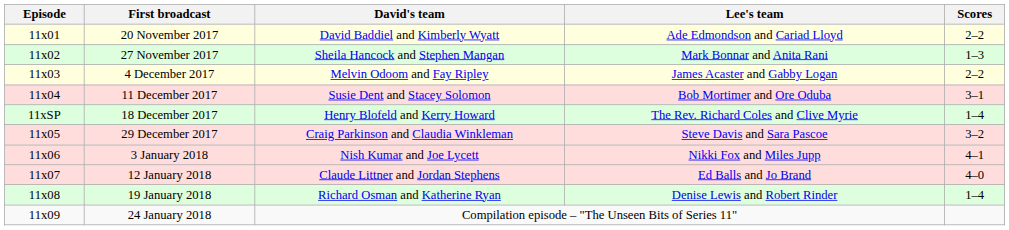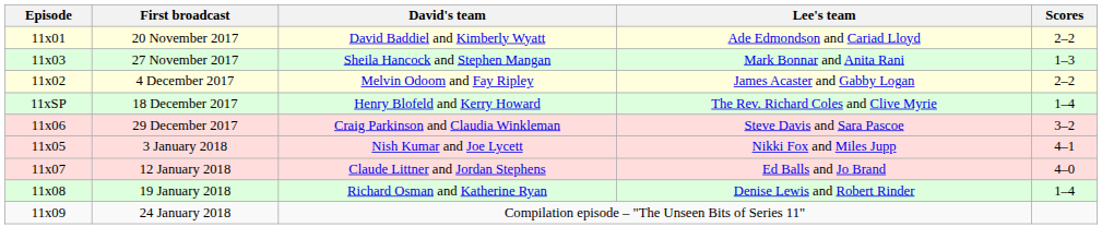 <table class="wikitable"  style="width:80%; left:0 auto; text-align:center;">
 <tr>
 <th style="width:8%;">Episode</th>
 <th style="width:17%;">First broadcast</th>
 <th style="width:31%;">David's team</th>
 <th style="width:38%;">Lee's team</th>
 <th style="width:6%;">Scores</th>
 </tr>
 <tr style="background:#ffd;">
 <td>11x01</td>
 <td>20 November 2017</td>
 <td><a href='#'>David Baddiel</a> and <a href='#'>Kimberly Wyatt</a></td>
 <td><a href='#'>Ade Edmondson</a> and <a href='#'>Cariad Lloyd</a></td>
 <td>2–2</td>
 </tr>
 <tr style="background:#dfd;">
-<td>11x02</td>
+<td>11x03</td>
 <td>27 November 2017</td>
 <td><a href='#'>Sheila Hancock</a> and <a href='#'>Stephen Mangan</a></td>
 <td><a href='#'>Mark Bonnar</a> and <a href='#'>Anita Rani</a></td>
 <td>1–3</td>
 </tr>
 <tr style="background:#ffd;">
-<td>11x03</td>
+<td>11x02</td>
 <td>4 December 2017</td>
 <td><a href='#'>Melvin Odoom</a> and <a href='#'>Fay Ripley</a></td>
 <td><a href='#'>James Acaster</a> and <a href='#'>Gabby Logan</a></td>
 <td>2–2</td>
-</tr>
-<tr style="background:#fdd;">
-<td>11x04</td>
-<td>11 December 2017</td>
-<td><a href='#'>Susie Dent</a> and <a href='#'>Stacey Solomon</a></td>
-<td><a href='#'>Bob Mortimer</a> and <a href='#'>Ore Oduba</a></td>
-<td>3–1</td>
 </tr>
 <tr style="background:#dfd;">
 <td>11xSP</td>
 <td>18 December 2017</td>
 <td><a href='#'>Henry Blofeld</a> and <a href='#'>Kerry Howard</a></td>
 <td><a href='#'>The Rev. Richard Coles</a> and <a href='#'>Clive Myrie</a></td>
 <td>1–4</td>
 </tr>
 <tr style="background:#fdd;">
-<td>11x05</td>
+<td>11x06</td>
 <td>29 December 2017</td>
 <td><a href='#'>Craig Parkinson</a> and <a href='#'>Claudia Winkleman</a></td>
 <td><a href='#'>Steve Davis</a> and <a href='#'>Sara Pascoe</a></td>
 <td>3–2</td>
 </tr>
 <tr style="background:#fdd;">
-<td>11x06</td>
+<td>11x05</td>
 <td>3 January 2018</td>
 <td><a href='#'>Nish Kumar</a> and <a href='#'>Joe Lycett</a></td>
 <td><a href='#'>Nikki Fox</a> and <a href='#'>Miles Jupp</a></td>
 <td>4–1</td>
 </tr>
 <tr style="background:#fdd;">
 <td>11x07</td>
 <td>12 January 2018</td>
 <td><a href='#'>Claude Littner</a> and <a href='#'>Jordan Stephens</a></td>
 <td><a href='#'>Ed Balls</a> and <a href='#'>Jo Brand</a></td>
 <td>4–0</td>
 </tr>
 <tr style="background:#dfd;">
 <td>11x08</td>
 <td>19 January 2018</td>
 <td><a href='#'>Richard Osman</a> and <a href='#'>Katherine Ryan</a></td>
 <td><a href='#'>Denise Lewis</a> and <a href='#'>Robert Rinder</a></td>
 <td>1–4</td>
 </tr>
 <tr>
 <td>11x09</td>
 <td>24 January 2018</td>
 <td colspan="2">Compilation episode – "The Unseen Bits of Series 11"</td>
 <td></td>
 </tr>
 </table>
